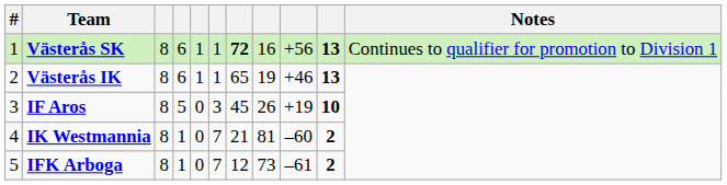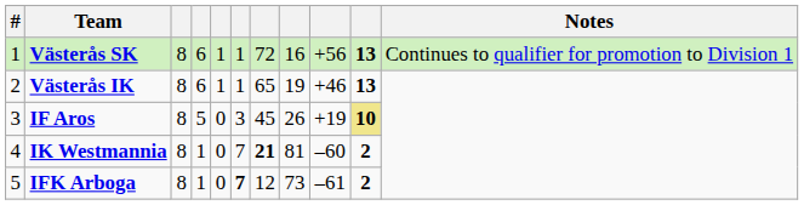 <table class="wikitable sortable">
 <tr>
 <th>#</th>
 <th>Team</th>
 <th></th>
 <th></th>
 <th></th>
 <th></th>
 <th></th>
 <th></th>
 <th></th>
 <th></th>
 <th>Notes</th>
 </tr>
 <tr style="background: #D0F0C0;">
 <td>1</td>
 <td style="font-weight:bold;"><a href='#'>Västerås SK</a></td>
 <td style="text-align: center;">8</td>
 <td style="text-align: center;">6</td>
 <td style="text-align: center;">1</td>
 <td style="text-align: center;">1</td>
-<td style="text-align: center;"><strong>72</strong></td>
+<td style="text-align: center;">72</td>
 <td style="text-align: center;">16</td>
 <td style="text-align: center;">+56</td>
 <td style="text-align: center; font-weight:bold;">13</td>
 <td>Continues to <a href='#'>qualifier for promotion</a> to <a href='#'>Division 1</a></td>
 </tr>
 <tr>
 <td>2</td>
 <td style="font-weight:bold;"><a href='#'>Västerås IK</a></td>
 <td style="text-align: center;">8</td>
 <td style="text-align: center;">6</td>
 <td style="text-align: center;">1</td>
 <td style="text-align: center;">1</td>
 <td style="text-align: center;">65</td>
 <td style="text-align: center;">19</td>
 <td style="text-align: center;">+46</td>
 <td style="text-align: center; font-weight:bold;">13</td>
 </tr>
 <tr>
 <td>3</td>
 <td style="font-weight:bold;"><a href='#'>IF Aros</a></td>
 <td style="text-align: center;">8</td>
 <td style="text-align: center;">5</td>
 <td style="text-align: center;">0</td>
 <td style="text-align: center;">3</td>
 <td style="text-align: center;">45</td>
 <td style="text-align: center;">26</td>
 <td style="text-align: center;">+19</td>
-<td style="text-align: center; font-weight:bold;">10</td>
+<td style="background: khaki; text-align: center; font-weight:bold;">10</td>
 </tr>
 <tr>
 <td>4</td>
 <td style="font-weight:bold;"><a href='#'>IK Westmannia</a></td>
 <td style="text-align: center;">8</td>
 <td style="text-align: center;">1</td>
 <td style="text-align: center;">0</td>
 <td style="text-align: center;">7</td>
-<td style="text-align: center;">21</td>
+<td style="text-align: center;"><strong>21</strong></td>
 <td style="text-align: center;">81</td>
 <td style="text-align: center;">–60</td>
 <td style="text-align: center; font-weight:bold;">2</td>
 </tr>
 <tr>
 <td>5</td>
 <td style="font-weight:bold;"><a href='#'>IFK Arboga</a></td>
 <td style="text-align: center;">8</td>
 <td style="text-align: center;">1</td>
 <td style="text-align: center;">0</td>
-<td style="text-align: center;">7</td>
+<td style="text-align: center;"><strong>7</strong></td>
 <td style="text-align: center;">12</td>
 <td style="text-align: center;">73</td>
 <td style="text-align: center;">–61</td>
 <td style="text-align: center; font-weight:bold;">2</td>
 </tr>
 </table>
